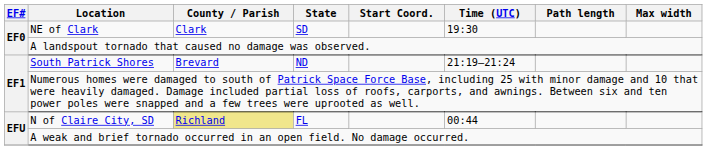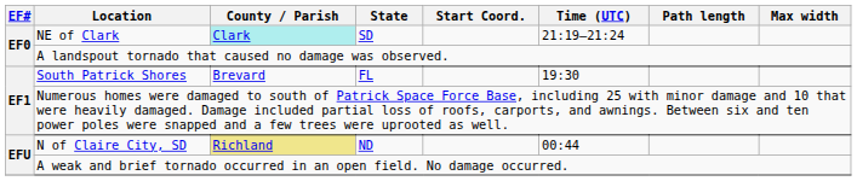 <table class="wikitable sortable" style="width:100%;">
 <tr>
 <th scope="col" width="2%" align="center"><a href='#'>EF#</a></th>
 <th scope="col" align="center" class="unsortable">Location</th>
 <th scope="col" align="center" class="unsortable">County / Parish</th>
 <th scope="col" align="center">State</th>
 <th scope="col" align="center">Start Coord.</th>
 <th scope="col" align="center">Time (<a href='#'>UTC</a>)</th>
 <th scope="col" align="center">Path length</th>
 <th scope="col" align="center">Max width</th>
 </tr>
 <tr>
 <th scope="row" rowspan="2" style="background-color:#">EF0</th>
 <td>NE of <a href='#'>Clark</a></td>
-<td><a href='#'>Clark</a></td>
+<td style="background: paleturquoise;"><a href='#'>Clark</a></td>
 <td><a href='#'>SD</a></td>
 <td></td>
-<td>19:30</td>
+<td>21:19–21:24</td>
 <td></td>
 <td></td>
 </tr>
 <tr class="expand-child">
 <td colspan="8" style=" border-bottom: 1px solid black;">A landspout tornado that caused no damage was observed.</td>
 </tr>
 <tr>
 <th scope="row" rowspan="2" style="background-color:#">EF1</th>
 <td><a href='#'>South Patrick Shores</a></td>
 <td><a href='#'>Brevard</a></td>
-<td><a href='#'>ND</a></td>
+<td><a href='#'>FL</a></td>
 <td></td>
-<td>21:19–21:24</td>
+<td>19:30</td>
 <td></td>
 <td></td>
 </tr>
 <tr class="expand-child">
 <td colspan="8" style=" border-bottom: 1px solid black;">Numerous homes were damaged to south of <a href='#'>Patrick Space Force Base</a>, including 25 with minor damage and 10 that were heavily damaged. Damage included partial loss of roofs, carports, and awnings. Between six and ten power poles were snapped and a few trees were uprooted as well.</td>
 </tr>
 <tr>
 <th scope="row" rowspan="2" style="background-color:#">EFU</th>
 <td>N of <a href='#'>Claire City, SD</a></td>
 <td style="background: khaki;"><a href='#'>Richland</a></td>
-<td><a href='#'>FL</a></td>
+<td><a href='#'>ND</a></td>
 <td></td>
 <td>00:44</td>
 <td></td>
 <td></td>
 </tr>
 <tr class="expand-child">
 <td colspan="8" style=" border-bottom: 1px solid black;">A weak and brief tornado occurred in an open field. No damage occurred.</td>
 </tr>
 <tr>
 </tr>
 </table>
